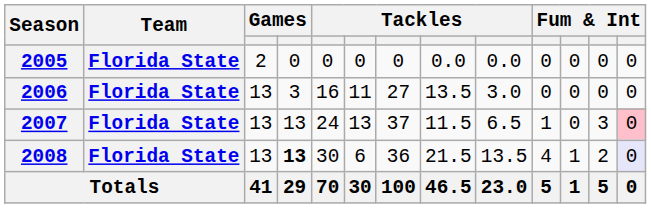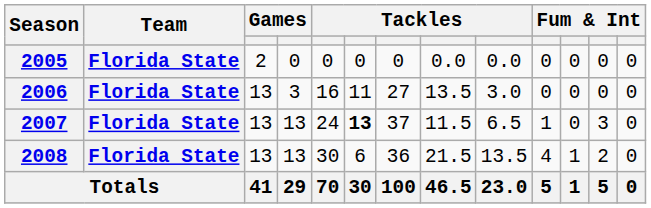 <table class="wikitable" style="text-align:center;">
 <tr>
 <th rowspan="2">Season</th>
 <th rowspan="2">Team</th>
 <th colspan="2">Games</th>
 <th colspan="5">Tackles</th>
 <th colspan="4">Fum & Int</th>
 </tr>
 <tr>
 <th></th>
 <th></th>
 <th></th>
 <th></th>
 <th></th>
 <th></th>
 <th></th>
 <th></th>
 <th></th>
 <th></th>
 <th></th>
 </tr>
 <tr>
 <th><a href='#'>2005</a></th>
 <th><a href='#'>Florida State</a></th>
 <td>2</td>
 <td>0</td>
 <td>0</td>
 <td>0</td>
 <td>0</td>
 <td>0.0</td>
 <td>0.0</td>
 <td>0</td>
 <td>0</td>
 <td>0</td>
 <td>0</td>
 </tr>
 <tr>
 <th><a href='#'>2006</a></th>
 <th><a href='#'>Florida State</a></th>
 <td>13</td>
 <td>3</td>
 <td>16</td>
 <td>11</td>
 <td>27</td>
 <td>13.5</td>
 <td>3.0</td>
 <td>0</td>
 <td>0</td>
 <td>0</td>
 <td>0</td>
 </tr>
 <tr>
 <th><a href='#'>2007</a></th>
 <th><a href='#'>Florida State</a></th>
 <td>13</td>
 <td>13</td>
 <td>24</td>
-<td>13</td>
+<td><strong>13</strong></td>
 <td>37</td>
 <td>11.5</td>
 <td>6.5</td>
 <td>1</td>
 <td>0</td>
 <td>3</td>
-<td style="background: pink;">0</td>
+<td>0</td>
 </tr>
 <tr>
 <th><a href='#'>2008</a></th>
 <th><a href='#'>Florida State</a></th>
 <td>13</td>
-<td><strong>13</strong></td>
+<td>13</td>
 <td>30</td>
 <td>6</td>
 <td>36</td>
 <td>21.5</td>
 <td>13.5</td>
 <td>4</td>
 <td>1</td>
 <td>2</td>
-<td style="background: lavender;">0</td>
+<td>0</td>
 </tr>
 <tr>
 <th colspan="2">Totals</th>
 <th>41</th>
 <th>29</th>
 <th>70</th>
 <th>30</th>
 <th>100</th>
 <th>46.5</th>
 <th>23.0</th>
 <th>5</th>
 <th>1</th>
 <th>5</th>
 <th>0</th>
 </tr>
 </table>
